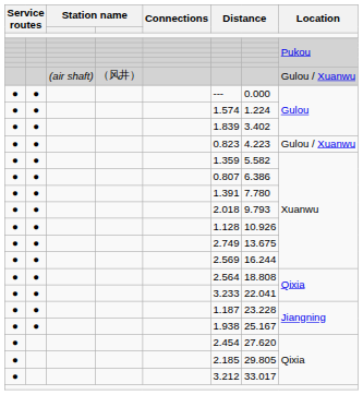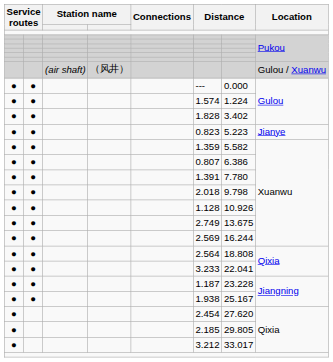 <table class="wikitable">
 <tr>
 <th colspan="2" rowspan="2">Service<br>routes</th>
 <th colspan="2">Station name</th>
 <th rowspan="2">Connections</th>
 <th colspan="2" rowspan="2">Distance<br></th>
 <th rowspan="2">Location</th>
 </tr>
 <tr>
 <th></th>
 <th></th>
 </tr>
 <tr style="background:#">
 <td colspan = "8"></td>
 </tr>
 <tr style="background:lightgrey">
 <td></td>
 <td></td>
 <td><em></em></td>
 <td></td>
 <td></td>
 <td></td>
 <td></td>
 <td rowspan="6"><a href='#'>Pukou</a></td>
 </tr>
 <tr style="background:lightgrey">
 <td></td>
 <td></td>
 <td><em></em></td>
 <td></td>
 <td></td>
 <td></td>
 <td></td>
 </tr>
 <tr style="background:lightgrey">
 <td></td>
 <td></td>
 <td><em></em></td>
 <td></td>
 <td></td>
 <td></td>
 <td></td>
 </tr>
 <tr style="background:lightgrey">
 <td></td>
 <td></td>
 <td><em></em></td>
 <td></td>
 <td></td>
 <td></td>
 <td></td>
 </tr>
 <tr style="background:lightgrey">
 <td></td>
 <td></td>
 <td><em></em></td>
 <td></td>
 <td></td>
 <td></td>
 <td></td>
 </tr>
 <tr style="background:lightgrey">
 <td></td>
 <td></td>
 <td><em></em></td>
 <td></td>
 <td></td>
 <td></td>
 <td></td>
 </tr>
 <tr style="background:lightgrey">
 <td></td>
 <td></td>
 <td><em> (air shaft)</em></td>
 <td>（风井）</td>
 <td></td>
 <td></td>
 <td></td>
 <td>Gulou / <a href='#'>Xuanwu</a></td>
 </tr>
 <tr>
 <td align="center">●</td>
 <td align="center">●</td>
 <td></td>
 <td></td>
 <td></td>
 <td>---</td>
 <td>0.000</td>
 <td rowspan="3"><a href='#'>Gulou</a></td>
 </tr>
 <tr>
 <td align="center">●</td>
 <td align="center">●</td>
 <td></td>
 <td></td>
 <td></td>
 <td>1.574</td>
 <td>1.224</td>
 </tr>
 <tr>
 <td align="center">●</td>
 <td align="center">●</td>
 <td></td>
 <td></td>
 <td></td>
-<td>1.839</td>
+<td>1.828</td>
 <td>3.402</td>
 </tr>
 <tr>
 <td align="center">●</td>
 <td align="center">●</td>
 <td></td>
 <td></td>
 <td></td>
 <td>0.823</td>
-<td>4.223</td>
-<td>Gulou / <a href='#'>Xuanwu</a></td>
+<td>5.223</td>
+<td><a href='#'>Jianye</a></td>
 </tr>
 <tr>
 <td align="center">●</td>
 <td align="center">●</td>
 <td></td>
 <td></td>
 <td></td>
 <td>1.359</td>
 <td>5.582</td>
 <td rowspan="7">Xuanwu</td>
 </tr>
 <tr>
 <td align="center">●</td>
 <td align="center">●</td>
 <td></td>
 <td></td>
 <td></td>
 <td>0.807</td>
 <td>6.386</td>
 </tr>
 <tr>
 <td align="center">●</td>
 <td align="center">●</td>
 <td></td>
 <td></td>
 <td></td>
 <td>1.391</td>
 <td>7.780</td>
 </tr>
 <tr>
 <td align="center">●</td>
 <td align="center">●</td>
 <td></td>
 <td></td>
 <td></td>
 <td>2.018</td>
-<td>9.793</td>
+<td>9.798</td>
 </tr>
 <tr>
 <td align="center">●</td>
 <td align="center">●</td>
 <td></td>
 <td></td>
 <td></td>
 <td>1.128</td>
 <td>10.926</td>
 </tr>
 <tr>
 <td align="center">●</td>
 <td align="center">●</td>
 <td></td>
 <td></td>
 <td></td>
 <td>2.749</td>
 <td>13.675</td>
 </tr>
 <tr>
 <td align="center">●</td>
 <td align="center">●</td>
 <td></td>
 <td></td>
 <td></td>
 <td>2.569</td>
 <td>16.244</td>
 </tr>
 <tr>
 <td align="center">●</td>
 <td align="center">●</td>
 <td></td>
 <td></td>
 <td></td>
 <td>2.564</td>
 <td>18.808</td>
 <td rowspan="2"><a href='#'>Qixia</a></td>
 </tr>
 <tr>
 <td align="center">●</td>
 <td align="center">●</td>
 <td></td>
 <td></td>
 <td></td>
 <td>3.233</td>
 <td>22.041</td>
 </tr>
 <tr>
 <td align="center">●</td>
 <td align="center">●</td>
 <td></td>
 <td></td>
 <td></td>
 <td>1.187</td>
 <td>23.228</td>
 <td rowspan="2"><a href='#'>Jiangning</a></td>
 </tr>
 <tr>
 <td align="center">●</td>
 <td align="center">●</td>
 <td></td>
 <td></td>
 <td></td>
 <td>1.938</td>
 <td>25.167</td>
 </tr>
 <tr>
 <td align="center">●</td>
 <td></td>
 <td></td>
 <td></td>
 <td></td>
 <td>2.454</td>
 <td>27.620</td>
 <td rowspan="3">Qixia</td>
 </tr>
 <tr>
 <td align="center">●</td>
 <td></td>
 <td></td>
 <td></td>
 <td></td>
 <td>2.185</td>
 <td>29.805</td>
 </tr>
 <tr>
 <td align="center">●</td>
 <td></td>
 <td></td>
 <td></td>
 <td></td>
 <td>3.212</td>
 <td>33.017</td>
 </tr>
 <tr style="background:#">
 <td colspan = "8"></td>
 </tr>
 </table>
